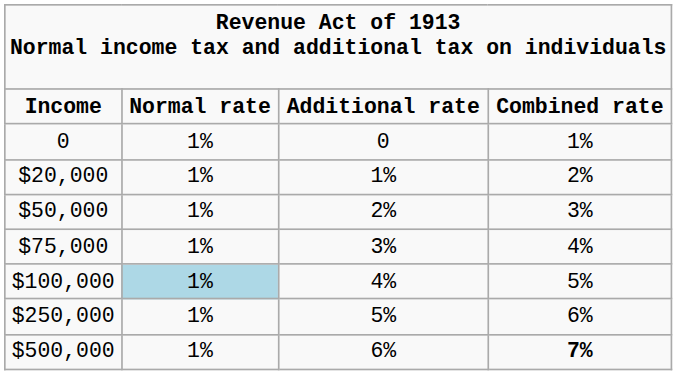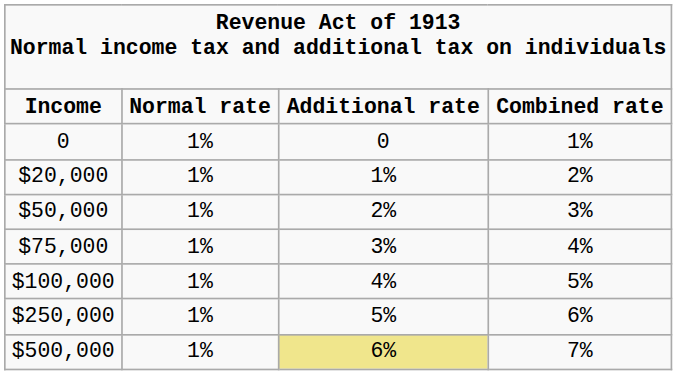 <table class="wikitable" style="text-align: center;">
 <tr>
 <td colspan="4"><strong>Revenue Act of 1913<br>Normal income tax and additional tax on individuals</strong><br><br> </td>
 </tr>
 <tr>
 <td><strong>Income</strong></td>
 <td><strong>Normal rate</strong></td>
 <td><strong>Additional rate</strong></td>
 <td><strong>Combined rate</strong></td>
 </tr>
 <tr>
 <td>0</td>
 <td>1%</td>
 <td>0</td>
 <td>1%</td>
 </tr>
 <tr>
 <td>$20,000</td>
 <td>1%</td>
 <td>1%</td>
 <td>2%</td>
 </tr>
 <tr>
 <td>$50,000</td>
 <td>1%</td>
 <td>2%</td>
 <td>3%</td>
 </tr>
 <tr>
 <td>$75,000</td>
 <td>1%</td>
 <td>3%</td>
 <td>4%</td>
 </tr>
 <tr>
 <td>$100,000</td>
-<td style="background: lightblue;">1%</td>
+<td>1%</td>
 <td>4%</td>
 <td>5%</td>
 </tr>
 <tr>
 <td>$250,000</td>
 <td>1%</td>
 <td>5%</td>
 <td>6%</td>
 </tr>
 <tr>
 <td>$500,000</td>
 <td>1%</td>
-<td>6%</td>
-<td><strong>7%</strong></td>
+<td style="background: khaki;">6%</td>
+<td>7%</td>
 </tr>
 </table>
